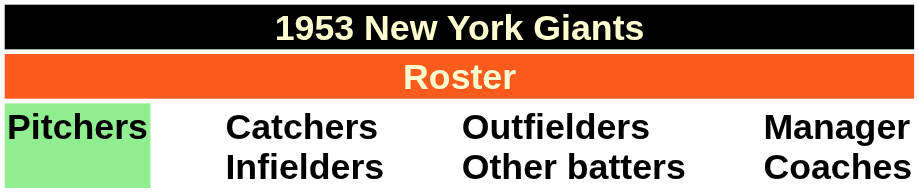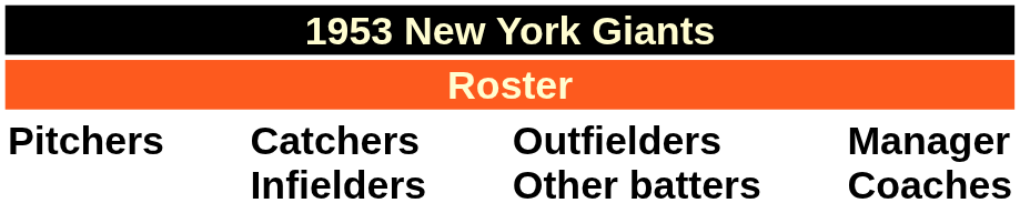 <table class="toccolours" style="font-size: 95%;">
 <tr>
 <th colspan="10" style="background-color: black; color: #FFFDD0; text-align: center;">1953 New York Giants</th>
 </tr>
 <tr>
 <td colspan="10" style="background-color: #fd5a1e; color: #FFFDD0; text-align: center;"><strong>Roster</strong></td>
 </tr>
 <tr>
-<td valign="top" style="background: lightgreen;"><strong>Pitchers</strong><br>             </td>
+<td valign="top"><strong>Pitchers</strong><br>             </td>
 <td width="25px"></td>
 <td valign="top"><strong>Catchers</strong><br>     <strong>Infielders</strong>        </td>
 <td width="25px"></td>
 <td valign="top"><strong>Outfielders</strong><br>    <strong>Other batters</strong> </td>
 <td width="25px"></td>
 <td valign="top"><strong>Manager</strong><br> <strong>Coaches</strong>   </td>
 </tr>
 <tr>
 </tr>
 </table>
